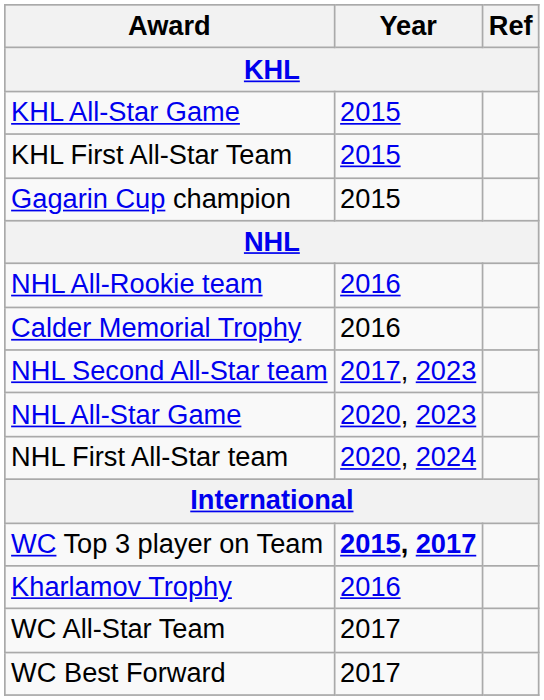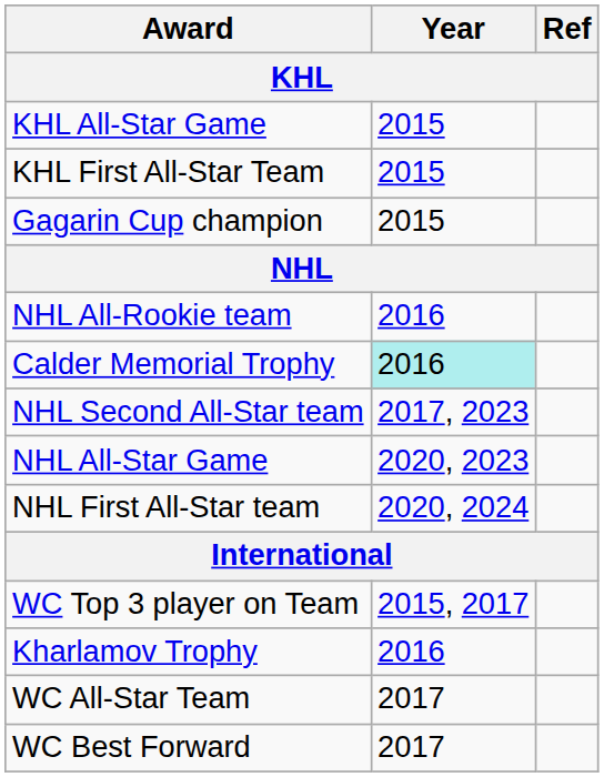 <table class="wikitable">
 <tr>
 <th>Award</th>
 <th>Year</th>
 <th>Ref</th>
 </tr>
 <tr>
 <th colspan="3"><a href='#'>KHL</a></th>
 </tr>
 <tr>
 <td><a href='#'>KHL All-Star Game</a></td>
 <td><a href='#'>2015</a></td>
 <td></td>
 </tr>
 <tr>
 <td>KHL First All-Star Team</td>
 <td><a href='#'>2015</a></td>
 <td></td>
 </tr>
 <tr>
 <td><a href='#'>Gagarin Cup</a> champion</td>
 <td>2015</td>
 <td></td>
 </tr>
 <tr>
 <th colspan="3"><a href='#'>NHL</a></th>
 </tr>
 <tr>
 <td><a href='#'>NHL All-Rookie team</a></td>
 <td><a href='#'>2016</a></td>
 <td></td>
 </tr>
 <tr>
 <td><a href='#'>Calder Memorial Trophy</a></td>
-<td>2016</td>
+<td style="background: paleturquoise;">2016</td>
 <td></td>
 </tr>
 <tr>
 <td><a href='#'>NHL Second All-Star team</a></td>
 <td><a href='#'>2017</a>, <a href='#'>2023</a></td>
 <td></td>
 </tr>
 <tr>
 <td><a href='#'>NHL All-Star Game</a></td>
 <td><a href='#'>2020</a>, <a href='#'>2023</a></td>
 <td></td>
 </tr>
 <tr>
 <td>NHL First All-Star team</td>
 <td><a href='#'>2020</a>, <a href='#'>2024</a></td>
 <td></td>
 </tr>
 <tr>
 <th colspan="3"><a href='#'>International</a></th>
 </tr>
 <tr>
 <td><a href='#'>WC</a> Top 3 player on Team</td>
-<td><strong><a href='#'>2015</a>, <a href='#'>2017</a></strong></td>
+<td><a href='#'>2015</a>, <a href='#'>2017</a></td>
 <td></td>
 </tr>
 <tr>
 <td><a href='#'>Kharlamov Trophy</a></td>
 <td><a href='#'>2016</a></td>
 <td></td>
 </tr>
 <tr>
 <td>WC All-Star Team</td>
 <td>2017</td>
 <td></td>
 </tr>
 <tr>
 <td>WC Best Forward</td>
 <td>2017</td>
 <td></td>
 </tr>
 </table>
